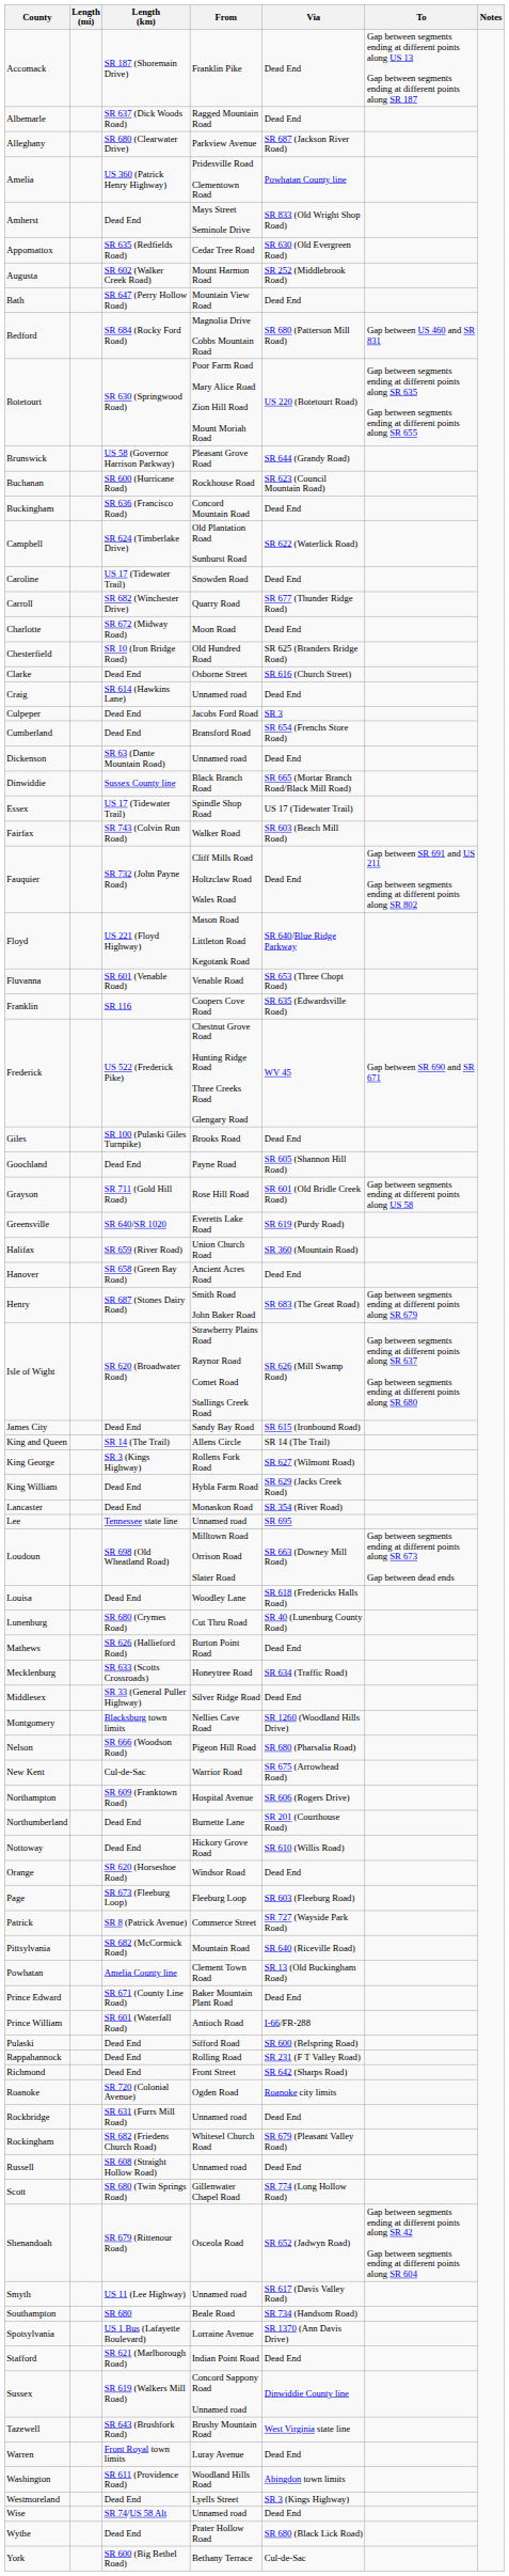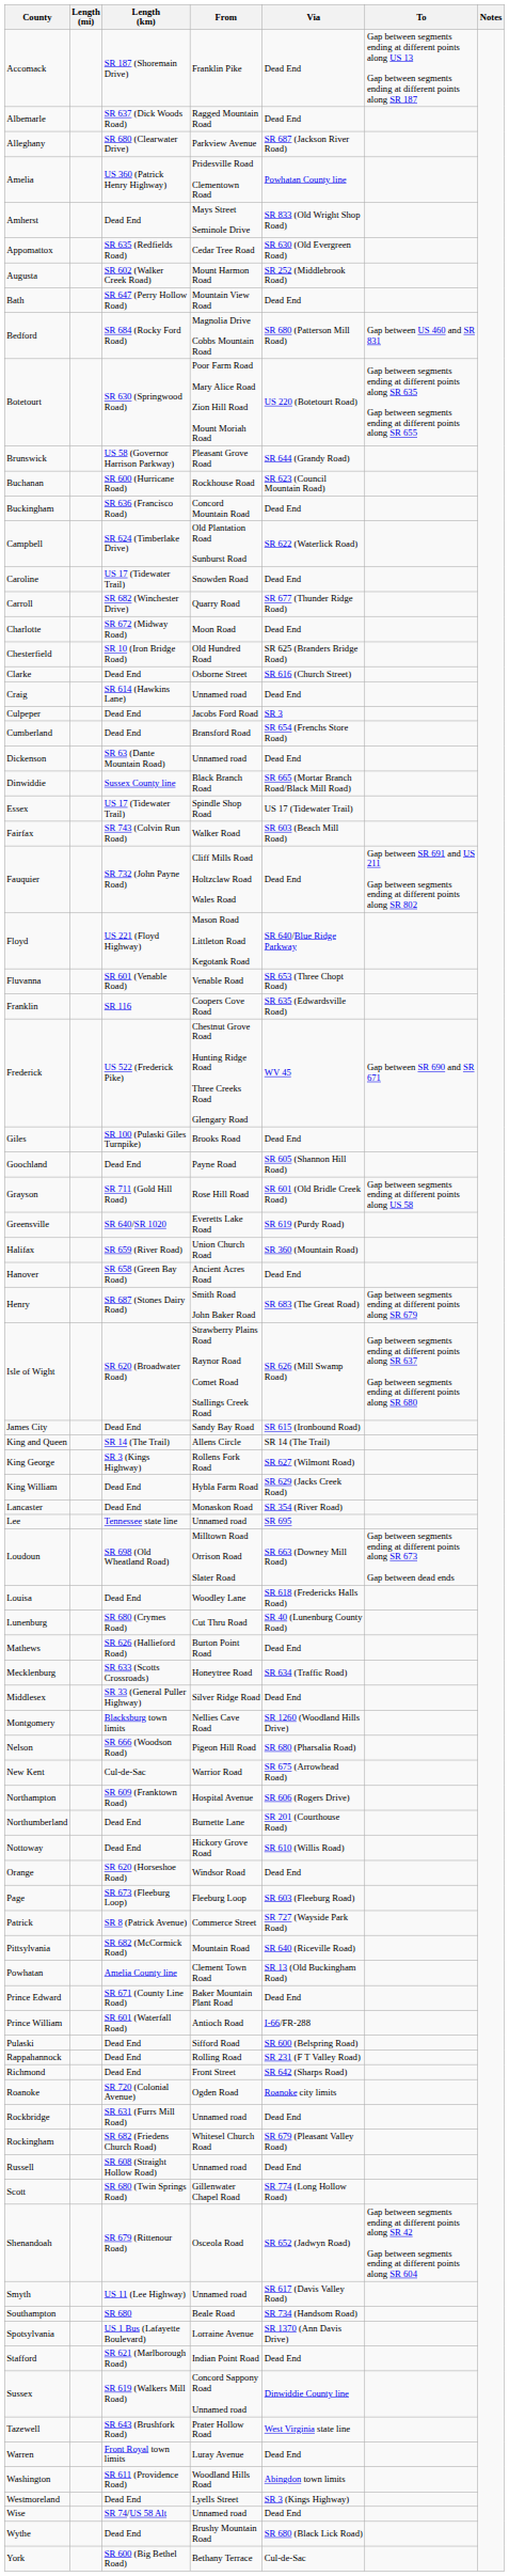 <table class="wikitable sortable">
 <tr>
 <th>County</th>
 <th>Length<br>(mi)</th>
 <th>Length<br>(km)</th>
 <th class="unsortable">From</th>
 <th class="unsortable">Via</th>
 <th class="unsortable">To</th>
 <th class="unsortable">Notes</th>
 </tr>
 <tr>
 <td id="Accomack">Accomack</td>
 <td></td>
 <td><a href='#'>SR 187</a> (Shoremain Drive)</td>
 <td>Franklin Pike</td>
 <td>Dead End</td>
 <td>Gap between segments ending at different points along <a href='#'>US 13</a><br><br>Gap between segments ending at different points along <a href='#'>SR 187</a></td>
 </tr>
 <tr>
 <td id="Albemarle">Albemarle</td>
 <td></td>
 <td><a href='#'>SR 637</a> (Dick Woods Road)</td>
 <td>Ragged Mountain Road</td>
 <td>Dead End</td>
 <td></td>
 </tr>
 <tr>
 <td id="Alleghany">Alleghany</td>
 <td></td>
 <td><a href='#'>SR 680</a> (Clearwater Drive)</td>
 <td>Parkview Avenue</td>
 <td><a href='#'>SR 687</a> (Jackson River Road)</td>
 <td></td>
 </tr>
 <tr>
 <td id="Amelia">Amelia</td>
 <td></td>
 <td><a href='#'>US 360</a> (Patrick Henry Highway)</td>
 <td>Pridesville Road<br><br>Clementown Road</td>
 <td><a href='#'>Powhatan County line</a></td>
 <td></td>
 </tr>
 <tr>
 <td id="Amherst">Amherst</td>
 <td></td>
 <td>Dead End</td>
 <td>Mays Street<br><br>Seminole Drive</td>
 <td><a href='#'>SR 833</a> (Old Wright Shop Road)</td>
 <td></td>
 </tr>
 <tr>
 <td id="Appomattox">Appomattox</td>
 <td></td>
 <td><a href='#'>SR 635</a> (Redfields Road)</td>
 <td>Cedar Tree Road</td>
 <td><a href='#'>SR 630</a> (Old Evergreen Road)</td>
 <td><br></td>
 </tr>
 <tr>
 <td id="Augusta">Augusta</td>
 <td></td>
 <td><a href='#'>SR 602</a> (Walker Creek Road)</td>
 <td>Mount Harmon Road</td>
 <td><a href='#'>SR 252</a> (Middlebrook Road)</td>
 <td></td>
 </tr>
 <tr>
 <td id="Bath">Bath</td>
 <td></td>
 <td><a href='#'>SR 647</a> (Perry Hollow Road)</td>
 <td>Mountain View Road</td>
 <td>Dead End</td>
 <td></td>
 </tr>
 <tr>
 <td id="Bedford">Bedford</td>
 <td></td>
 <td><a href='#'>SR 684</a> (Rocky Ford Road)</td>
 <td>Magnolia Drive<br><br>Cobbs Mountain Road</td>
 <td><a href='#'>SR 680</a> (Patterson Mill Road)</td>
 <td>Gap between <a href='#'>US 460</a> and <a href='#'>SR 831</a><br></td>
 </tr>
 <tr>
 <td id="Botetourt">Botetourt</td>
 <td></td>
 <td><a href='#'>SR 630</a> (Springwood Road)</td>
 <td>Poor Farm Road<br><br>Mary Alice Road<br><br>Zion Hill Road<br><br>Mount Moriah Road</td>
 <td><a href='#'>US 220</a> (Botetourt Road)</td>
 <td>Gap between segments ending at different points along <a href='#'>SR 635</a><br><br>Gap between segments ending at different points along <a href='#'>SR 655</a></td>
 </tr>
 <tr>
 <td id="Brunswick">Brunswick</td>
 <td></td>
 <td><a href='#'>US 58</a> (Governor Harrison Parkway)</td>
 <td>Pleasant Grove Road</td>
 <td><a href='#'>SR 644</a> (Grandy Road)</td>
 <td></td>
 </tr>
 <tr>
 <td id="Buchanan">Buchanan</td>
 <td></td>
 <td><a href='#'>SR 600</a> (Hurricane Road)</td>
 <td>Rockhouse Road</td>
 <td><a href='#'>SR 623</a> (Council Mountain Road)</td>
 <td></td>
 </tr>
 <tr>
 <td id="Buckingham">Buckingham</td>
 <td></td>
 <td><a href='#'>SR 636</a> (Francisco Road)</td>
 <td>Concord Mountain Road</td>
 <td>Dead End</td>
 <td></td>
 </tr>
 <tr>
 <td id="Campbell">Campbell</td>
 <td></td>
 <td><a href='#'>SR 624</a> (Timberlake Drive)</td>
 <td>Old Plantation Road<br><br>Sunburst Road</td>
 <td><a href='#'>SR 622</a> (Waterlick Road)</td>
 <td></td>
 </tr>
 <tr>
 <td id="Caroline">Caroline</td>
 <td></td>
 <td><a href='#'>US 17</a> (Tidewater Trail)</td>
 <td>Snowden Road</td>
 <td>Dead End</td>
 <td></td>
 </tr>
 <tr>
 <td id="Carroll">Carroll</td>
 <td></td>
 <td><a href='#'>SR 682</a> (Winchester Drive)</td>
 <td>Quarry Road</td>
 <td><a href='#'>SR 677</a> (Thunder Ridge Road)</td>
 <td><br></td>
 </tr>
 <tr>
 <td id="Charlotte">Charlotte</td>
 <td></td>
 <td><a href='#'>SR 672</a> (Midway Road)</td>
 <td>Moon Road</td>
 <td>Dead End</td>
 <td></td>
 </tr>
 <tr>
 <td id="Chesterfield">Chesterfield</td>
 <td></td>
 <td><a href='#'>SR 10</a> (Iron Bridge Road)</td>
 <td>Old Hundred Road</td>
 <td>SR 625 (Branders Bridge Road)</td>
 <td></td>
 </tr>
 <tr>
 <td id="Clarke">Clarke</td>
 <td></td>
 <td>Dead End</td>
 <td>Osborne Street</td>
 <td><a href='#'>SR 616</a> (Church Street)</td>
 <td></td>
 </tr>
 <tr>
 <td id="Craig">Craig</td>
 <td></td>
 <td><a href='#'>SR 614</a> (Hawkins Lane)</td>
 <td>Unnamed road</td>
 <td>Dead End</td>
 <td></td>
 </tr>
 <tr>
 <td id="Culpeper">Culpeper</td>
 <td></td>
 <td>Dead End</td>
 <td>Jacobs Ford Road</td>
 <td><a href='#'>SR 3</a></td>
 <td></td>
 </tr>
 <tr>
 <td id="Cumberland">Cumberland</td>
 <td></td>
 <td>Dead End</td>
 <td>Bransford Road</td>
 <td><a href='#'>SR 654</a> (Frenchs Store Road)</td>
 <td></td>
 </tr>
 <tr>
 <td id="Dickenson">Dickenson</td>
 <td></td>
 <td><a href='#'>SR 63</a> (Dante Mountain Road)</td>
 <td>Unnamed road</td>
 <td>Dead End</td>
 <td></td>
 </tr>
 <tr>
 <td id="Dinwiddie">Dinwiddie</td>
 <td></td>
 <td><a href='#'>Sussex County line</a></td>
 <td>Black Branch Road</td>
 <td><a href='#'>SR 665</a> (Mortar Branch Road/Black Mill Road)</td>
 <td></td>
 </tr>
 <tr>
 <td id="Essex">Essex</td>
 <td></td>
 <td><a href='#'>US 17</a> (Tidewater Trail)</td>
 <td>Spindle Shop Road</td>
 <td>US 17 (Tidewater Trail)</td>
 <td></td>
 </tr>
 <tr>
 <td id="Fairfax">Fairfax</td>
 <td></td>
 <td><a href='#'>SR 743</a> (Colvin Run Road)</td>
 <td>Walker Road</td>
 <td><a href='#'>SR 603</a> (Beach Mill Road)</td>
 <td></td>
 </tr>
 <tr>
 <td id="Fauquier">Fauquier</td>
 <td></td>
 <td><a href='#'>SR 732</a> (John Payne Road)</td>
 <td>Cliff Mills Road<br><br>Holtzclaw Road<br><br>Wales Road</td>
 <td>Dead End</td>
 <td>Gap between <a href='#'>SR 691</a> and <a href='#'>US 211</a><br><br>Gap between segments ending at different points along <a href='#'>SR 802</a></td>
 </tr>
 <tr>
 <td id="Floyd">Floyd</td>
 <td></td>
 <td><a href='#'>US 221</a> (Floyd Highway)</td>
 <td>Mason Road<br><br>Littleton Road<br><br>Kegotank Road</td>
 <td><a href='#'>SR 640</a>/<a href='#'>Blue Ridge Parkway</a></td>
 <td></td>
 </tr>
 <tr>
 <td id="Fluvanna">Fluvanna</td>
 <td></td>
 <td><a href='#'>SR 601</a> (Venable Road)</td>
 <td>Venable Road</td>
 <td><a href='#'>SR 653</a> (Three Chopt Road)</td>
 <td></td>
 </tr>
 <tr>
 <td id="Franklin">Franklin</td>
 <td></td>
 <td><a href='#'>SR 116</a></td>
 <td>Coopers Cove Road</td>
 <td><a href='#'>SR 635</a> (Edwardsville Road)</td>
 <td></td>
 </tr>
 <tr>
 <td id="Frederick">Frederick</td>
 <td></td>
 <td><a href='#'>US 522</a> (Frederick Pike)</td>
 <td>Chestnut Grove Road<br><br>Hunting Ridge Road<br><br>Three Creeks Road<br><br>Glengary Road</td>
 <td><a href='#'>WV 45</a></td>
 <td>Gap between <a href='#'>SR 690</a> and <a href='#'>SR 671</a></td>
 </tr>
 <tr>
 <td id="Giles">Giles</td>
 <td></td>
 <td><a href='#'>SR 100</a> (Pulaski Giles Turnpike)</td>
 <td>Brooks Road</td>
 <td>Dead End</td>
 <td><br></td>
 </tr>
 <tr>
 <td id="Goochland">Goochland</td>
 <td></td>
 <td>Dead End</td>
 <td>Payne Road</td>
 <td><a href='#'>SR 605</a> (Shannon Hill Road)</td>
 <td></td>
 </tr>
 <tr>
 <td id="Grayson">Grayson</td>
 <td></td>
 <td><a href='#'>SR 711</a> (Gold Hill Road)</td>
 <td>Rose Hill Road</td>
 <td><a href='#'>SR 601</a> (Old Bridle Creek Road)</td>
 <td>Gap between segments ending at different points along <a href='#'>US 58</a><br></td>
 </tr>
 <tr>
 <td id="Greensville">Greensville</td>
 <td></td>
 <td><a href='#'>SR 640</a>/<a href='#'>SR 1020</a></td>
 <td>Everetts Lake Road</td>
 <td><a href='#'>SR 619</a> (Purdy Road)</td>
 <td></td>
 </tr>
 <tr>
 <td id="Halifax">Halifax</td>
 <td></td>
 <td><a href='#'>SR 659</a> (River Road)</td>
 <td>Union Church Road</td>
 <td><a href='#'>SR 360</a> (Mountain Road)</td>
 <td></td>
 </tr>
 <tr>
 <td id="Hanover">Hanover</td>
 <td></td>
 <td><a href='#'>SR 658</a> (Green Bay Road)</td>
 <td>Ancient Acres Road</td>
 <td>Dead End</td>
 <td><br></td>
 </tr>
 <tr>
 <td id="Henry">Henry</td>
 <td></td>
 <td><a href='#'>SR 687</a> (Stones Dairy Road)</td>
 <td>Smith Road<br><br>John Baker Road</td>
 <td><a href='#'>SR 683</a> (The Great Road)</td>
 <td>Gap between segments ending at different points along <a href='#'>SR 679</a><br></td>
 </tr>
 <tr>
 <td id="Isle of Wight">Isle of Wight</td>
 <td></td>
 <td><a href='#'>SR 620</a> (Broadwater Road)</td>
 <td>Strawberry Plains Road<br><br>Raynor Road<br><br>Comet Road<br><br>Stallings Creek Road</td>
 <td><a href='#'>SR 626</a> (Mill Swamp Road)</td>
 <td>Gap between segments ending at different points along <a href='#'>SR 637</a><br><br>Gap between segments ending at different points along <a href='#'>SR 680</a></td>
 </tr>
 <tr>
 <td id="James City">James City</td>
 <td></td>
 <td>Dead End</td>
 <td>Sandy Bay Road</td>
 <td><a href='#'>SR 615</a> (Ironbound Road)</td>
 <td></td>
 </tr>
 <tr>
 <td id="King and Queen">King and Queen</td>
 <td></td>
 <td><a href='#'>SR 14</a> (The Trail)</td>
 <td>Allens Circle</td>
 <td>SR 14 (The Trail)</td>
 <td></td>
 </tr>
 <tr>
 <td id="King George">King George</td>
 <td></td>
 <td><a href='#'>SR 3</a> (Kings Highway)</td>
 <td>Rollens Fork Road</td>
 <td><a href='#'>SR 627</a> (Wilmont Road)</td>
 <td></td>
 </tr>
 <tr>
 <td id="King William">King William</td>
 <td></td>
 <td>Dead End</td>
 <td>Hybla Farm Road</td>
 <td><a href='#'>SR 629</a> (Jacks Creek Road)</td>
 <td></td>
 </tr>
 <tr>
 <td id="Lancaster">Lancaster</td>
 <td></td>
 <td>Dead End</td>
 <td>Monaskon Road</td>
 <td><a href='#'>SR 354</a> (River Road)</td>
 <td></td>
 </tr>
 <tr>
 <td id="Lee">Lee</td>
 <td></td>
 <td><a href='#'>Tennessee</a> state line</td>
 <td>Unnamed road</td>
 <td><a href='#'>SR 695</a></td>
 <td></td>
 </tr>
 <tr>
 <td id="Loudoun">Loudoun</td>
 <td></td>
 <td><a href='#'>SR 698</a> (Old Wheatland Road)</td>
 <td>Milltown Road<br><br>Orrison Road<br><br>Slater Road</td>
 <td><a href='#'>SR 663</a> (Downey Mill Road)</td>
 <td>Gap between segments ending at different points along <a href='#'>SR 673</a><br><br>Gap between dead ends</td>
 </tr>
 <tr>
 <td id="Louisa">Louisa</td>
 <td></td>
 <td>Dead End</td>
 <td>Woodley Lane</td>
 <td><a href='#'>SR 618</a> (Fredericks Halls Road)</td>
 <td></td>
 </tr>
 <tr>
 <td id="Lunenburg">Lunenburg</td>
 <td></td>
 <td><a href='#'>SR 680</a> (Crymes Road)</td>
 <td>Cut Thru Road</td>
 <td><a href='#'>SR 40</a> (Lunenburg County Road)</td>
 <td><br></td>
 </tr>
 <tr>
 <td id="Mathews">Mathews</td>
 <td></td>
 <td><a href='#'>SR 626</a> (Hallieford Road)</td>
 <td>Burton Point Road</td>
 <td>Dead End</td>
 <td></td>
 </tr>
 <tr>
 <td id="Mecklenburg">Mecklenburg</td>
 <td></td>
 <td><a href='#'>SR 633</a> (Scotts Crossroads)</td>
 <td>Honeytree Road</td>
 <td><a href='#'>SR 634</a> (Traffic Road)</td>
 <td></td>
 </tr>
 <tr>
 <td id="Middlesex">Middlesex</td>
 <td></td>
 <td><a href='#'>SR 33</a> (General Puller Highway)</td>
 <td>Silver Ridge Road</td>
 <td>Dead End</td>
 <td></td>
 </tr>
 <tr>
 <td id="Montgomery">Montgomery</td>
 <td></td>
 <td><a href='#'>Blacksburg</a> town limits</td>
 <td>Nellies Cave Road</td>
 <td><a href='#'>SR 1260</a> (Woodland Hills Drive)</td>
 <td></td>
 </tr>
 <tr>
 <td id="Nelson">Nelson</td>
 <td></td>
 <td><a href='#'>SR 666</a> (Woodson Road)</td>
 <td>Pigeon Hill Road</td>
 <td><a href='#'>SR 680</a> (Pharsalia Road)</td>
 <td></td>
 </tr>
 <tr>
 <td id="New Kent">New Kent</td>
 <td></td>
 <td>Cul-de-Sac</td>
 <td>Warrior Road</td>
 <td><a href='#'>SR 675</a> (Arrowhead Road)</td>
 <td></td>
 </tr>
 <tr>
 <td id="Northampton">Northampton</td>
 <td></td>
 <td><a href='#'>SR 609</a> (Franktown Road)</td>
 <td>Hospital Avenue</td>
 <td><a href='#'>SR 606</a> (Rogers Drive)</td>
 <td></td>
 </tr>
 <tr>
 <td id="Northumberland">Northumberland</td>
 <td></td>
 <td>Dead End</td>
 <td>Burnette Lane</td>
 <td><a href='#'>SR 201</a> (Courthouse Road)</td>
 <td></td>
 </tr>
 <tr>
 <td id="Nottoway">Nottoway</td>
 <td></td>
 <td>Dead End</td>
 <td>Hickory Grove Road</td>
 <td><a href='#'>SR 610</a> (Willis Road)</td>
 <td></td>
 </tr>
 <tr>
 <td id="Orange">Orange</td>
 <td></td>
 <td><a href='#'>SR 620</a> (Horseshoe Road)</td>
 <td>Windsor Road</td>
 <td>Dead End</td>
 <td></td>
 </tr>
 <tr>
 <td id="Page">Page</td>
 <td></td>
 <td><a href='#'>SR 673</a> (Fleeburg Loop)</td>
 <td>Fleeburg Loop</td>
 <td><a href='#'>SR 603</a> (Fleeburg Road)</td>
 <td></td>
 </tr>
 <tr>
 <td id="Patrick">Patrick</td>
 <td></td>
 <td><a href='#'>SR 8</a> (Patrick Avenue)</td>
 <td>Commerce Street</td>
 <td><a href='#'>SR 727</a> (Wayside Park Road)</td>
 <td></td>
 </tr>
 <tr>
 <td id="Pittsylvania">Pittsylvania</td>
 <td></td>
 <td><a href='#'>SR 682</a> (McCormick Road)</td>
 <td>Mountain Road</td>
 <td><a href='#'>SR 640</a> (Riceville Road)</td>
 <td></td>
 </tr>
 <tr>
 <td id="Powhatan">Powhatan</td>
 <td></td>
 <td><a href='#'>Amelia County line</a></td>
 <td>Clement Town Road</td>
 <td><a href='#'>SR 13</a> (Old Buckingham Road)</td>
 <td></td>
 </tr>
 <tr>
 <td id="Prince Edward">Prince Edward</td>
 <td></td>
 <td><a href='#'>SR 671</a> (County Line Road)</td>
 <td>Baker Mountain Plant Road</td>
 <td>Dead End</td>
 <td><br></td>
 </tr>
 <tr>
 <td id="Prince William">Prince William</td>
 <td></td>
 <td><a href='#'>SR 601</a> (Waterfall Road)</td>
 <td>Antioch Road</td>
 <td><a href='#'>I-66</a>/FR-288</td>
 <td></td>
 </tr>
 <tr>
 <td id="Pulaski">Pulaski</td>
 <td></td>
 <td>Dead End</td>
 <td>Sifford Road</td>
 <td><a href='#'>SR 600</a> (Belspring Road)</td>
 <td></td>
 </tr>
 <tr>
 <td id="Rappahannock">Rappahannock</td>
 <td></td>
 <td>Dead End</td>
 <td>Rolling Road</td>
 <td><a href='#'>SR 231</a> (F T Valley Road)</td>
 <td></td>
 </tr>
 <tr>
 <td id="Richmond">Richmond</td>
 <td></td>
 <td>Dead End</td>
 <td>Front Street</td>
 <td><a href='#'>SR 642</a> (Sharps Road)</td>
 <td></td>
 </tr>
 <tr>
 <td id="Roanoke">Roanoke</td>
 <td></td>
 <td><a href='#'>SR 720</a> (Colonial Avenue)</td>
 <td>Ogden Road</td>
 <td><a href='#'>Roanoke</a> city limits</td>
 <td></td>
 </tr>
 <tr>
 <td id="Rockbridge">Rockbridge</td>
 <td></td>
 <td><a href='#'>SR 631</a> (Furrs Mill Road)</td>
 <td>Unnamed road</td>
 <td>Dead End</td>
 <td></td>
 </tr>
 <tr>
 <td id="Rockingham">Rockingham</td>
 <td></td>
 <td><a href='#'>SR 682</a> (Friedens Church Road)</td>
 <td>Whitesel Church Road</td>
 <td><a href='#'>SR 679</a> (Pleasant Valley Road)</td>
 <td></td>
 </tr>
 <tr>
 <td id="Russell">Russell</td>
 <td></td>
 <td><a href='#'>SR 608</a> (Straight Hollow Road)</td>
 <td>Unnamed road</td>
 <td>Dead End</td>
 <td></td>
 </tr>
 <tr>
 <td id="Scott">Scott</td>
 <td></td>
 <td><a href='#'>SR 680</a> (Twin Springs Road)</td>
 <td>Gillenwater Chapel Road</td>
 <td><a href='#'>SR 774</a> (Long Hollow Road)</td>
 <td></td>
 </tr>
 <tr>
 <td id="Shenandoah">Shenandoah</td>
 <td></td>
 <td><a href='#'>SR 679</a> (Rittenour Road)</td>
 <td>Osceola Road</td>
 <td><a href='#'>SR 652</a> (Jadwyn Road)</td>
 <td>Gap between segments ending at different points along <a href='#'>SR 42</a><br><br>Gap between segments ending at different points along <a href='#'>SR 604</a></td>
 </tr>
 <tr>
 <td id="Smyth">Smyth</td>
 <td></td>
 <td><a href='#'>US 11</a> (Lee Highway)</td>
 <td>Unnamed road</td>
 <td><a href='#'>SR 617</a> (Davis Valley Road)</td>
 <td></td>
 </tr>
 <tr>
 <td id="Southampton">Southampton</td>
 <td></td>
 <td><a href='#'>SR 680</a></td>
 <td>Beale Road</td>
 <td><a href='#'>SR 734</a> (Handsom Road)</td>
 <td></td>
 </tr>
 <tr>
 <td id="Spotsylvania">Spotsylvania</td>
 <td></td>
 <td><a href='#'>US 1 Bus</a> (Lafayette Boulevard)</td>
 <td>Lorraine Avenue</td>
 <td><a href='#'>SR 1370</a> (Ann Davis Drive)</td>
 <td></td>
 </tr>
 <tr>
 <td id="Stafford">Stafford</td>
 <td></td>
 <td><a href='#'>SR 621</a> (Marlborough Road)</td>
 <td>Indian Point Road</td>
 <td>Dead End</td>
 <td><br></td>
 </tr>
 <tr>
 <td id="Sussex">Sussex</td>
 <td></td>
 <td><a href='#'>SR 619</a> (Walkers Mill Road)</td>
 <td>Concord Sappony Road<br><br>Unnamed road</td>
 <td><a href='#'>Dinwiddie County line</a></td>
 <td></td>
 </tr>
 <tr>
 <td id="Tazewell">Tazewell</td>
 <td></td>
 <td><a href='#'>SR 643</a> (Brushfork Road)</td>
-<td>Brushy Mountain Road</td>
+<td>Prater Hollow Road</td>
 <td><a href='#'>West Virginia</a> state line</td>
 <td></td>
 </tr>
 <tr>
 <td id="Warren">Warren</td>
 <td></td>
 <td><a href='#'>Front Royal</a> town limits</td>
 <td>Luray Avenue</td>
 <td>Dead End</td>
 <td></td>
 </tr>
 <tr>
 <td id="Washington">Washington</td>
 <td></td>
 <td><a href='#'>SR 611</a> (Providence Road)</td>
 <td>Woodland Hills Road</td>
 <td><a href='#'>Abingdon</a> town limits</td>
 <td></td>
 </tr>
 <tr>
 <td id="Westmoreland">Westmoreland</td>
 <td></td>
 <td>Dead End</td>
 <td>Lyells Street</td>
 <td><a href='#'>SR 3</a> (Kings Highway)</td>
 <td></td>
 </tr>
 <tr>
 <td id="Wise">Wise</td>
 <td></td>
 <td><a href='#'>SR 74</a>/<a href='#'>US 58 Alt</a></td>
 <td>Unnamed road</td>
 <td>Dead End</td>
 <td></td>
 </tr>
 <tr>
 <td id="Wythe">Wythe</td>
 <td></td>
 <td>Dead End</td>
-<td>Prater Hollow Road</td>
+<td>Brushy Mountain Road</td>
 <td><a href='#'>SR 680</a> (Black Lick Road)</td>
 <td></td>
 </tr>
 <tr>
 <td id="York">York</td>
 <td></td>
 <td><a href='#'>SR 600</a> (Big Bethel Road)</td>
 <td>Bethany Terrace</td>
 <td>Cul-de-Sac</td>
 <td></td>
 </tr>
 </table>
